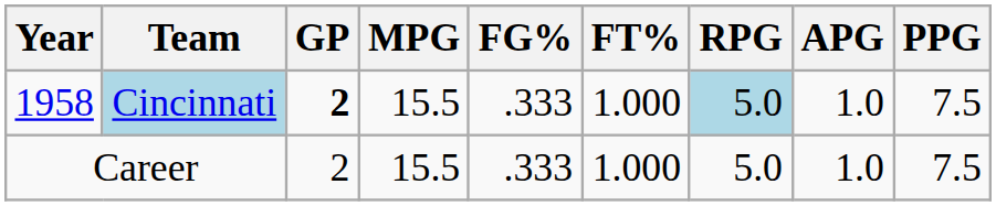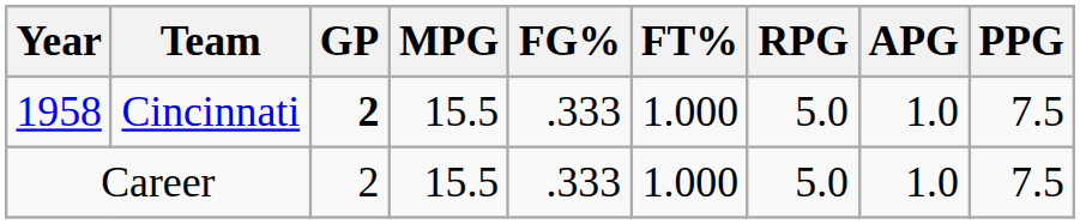 <table class="wikitable sortable" style="font-size:95%; text-align:right;">
 <tr>
 <th>Year</th>
 <th>Team</th>
 <th>GP</th>
 <th>MPG</th>
 <th>FG%</th>
 <th>FT%</th>
 <th>RPG</th>
 <th>APG</th>
 <th>PPG</th>
 </tr>
 <tr>
 <td style="text-align:left;"><a href='#'>1958</a></td>
-<td style="background: lightblue; text-align:left;"><a href='#'>Cincinnati</a></td>
+<td style="text-align:left;"><a href='#'>Cincinnati</a></td>
 <td><strong>2</strong></td>
 <td>15.5</td>
 <td>.333</td>
 <td>1.000</td>
-<td style="background: lightblue;">5.0</td>
+<td>5.0</td>
 <td>1.0</td>
 <td>7.5</td>
 </tr>
 <tr class="sortbottom">
 <td style="text-align:center;" colspan="2">Career</td>
 <td>2</td>
 <td>15.5</td>
 <td>.333</td>
 <td>1.000</td>
 <td>5.0</td>
 <td>1.0</td>
 <td>7.5</td>
 </tr>
 </table>
